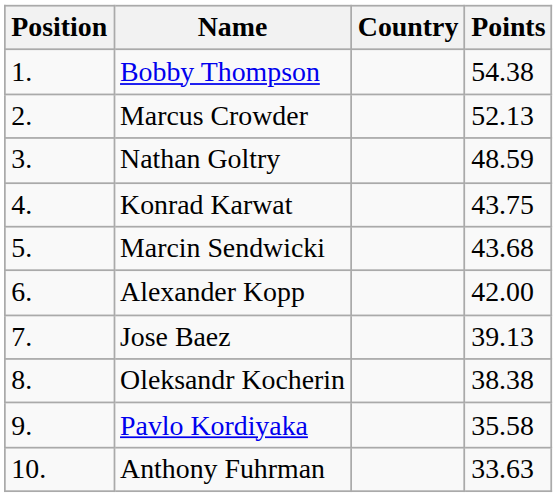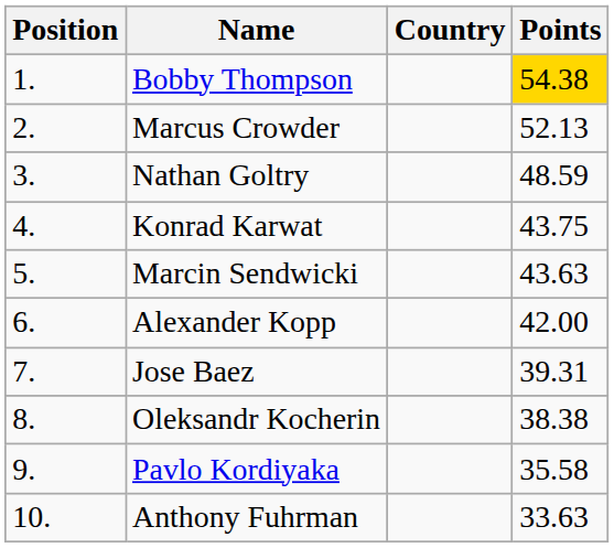 <table class="wikitable sortable" style="display: inline-table">
 <tr>
 <th>Position</th>
 <th>Name</th>
 <th>Country</th>
 <th>Points</th>
 </tr>
 <tr>
 <td>1.</td>
 <td><a href='#'>Bobby Thompson</a></td>
 <td></td>
-<td>54.38</td>
+<td style="background: gold;">54.38</td>
 </tr>
 <tr>
 <td>2.</td>
 <td>Marcus Crowder</td>
 <td></td>
 <td>52.13</td>
 </tr>
 <tr>
 <td>3.</td>
 <td>Nathan Goltry</td>
 <td></td>
 <td>48.59</td>
 </tr>
 <tr>
 <td>4.</td>
 <td>Konrad Karwat</td>
 <td></td>
 <td>43.75</td>
 </tr>
 <tr>
 <td>5.</td>
 <td>Marcin Sendwicki</td>
 <td></td>
-<td>43.68</td>
+<td>43.63</td>
 </tr>
 <tr>
 <td>6.</td>
 <td>Alexander Kopp</td>
 <td></td>
 <td>42.00</td>
 </tr>
 <tr>
 <td>7.</td>
 <td>Jose Baez</td>
 <td></td>
-<td>39.13</td>
+<td>39.31</td>
 </tr>
 <tr>
 <td>8.</td>
 <td>Oleksandr Kocherin</td>
 <td></td>
 <td>38.38</td>
 </tr>
 <tr>
 <td>9.</td>
 <td><a href='#'>Pavlo Kordiyaka</a></td>
 <td></td>
 <td>35.58</td>
 </tr>
 <tr>
 <td>10.</td>
 <td>Anthony Fuhrman</td>
 <td></td>
 <td>33.63</td>
 </tr>
 </table>
